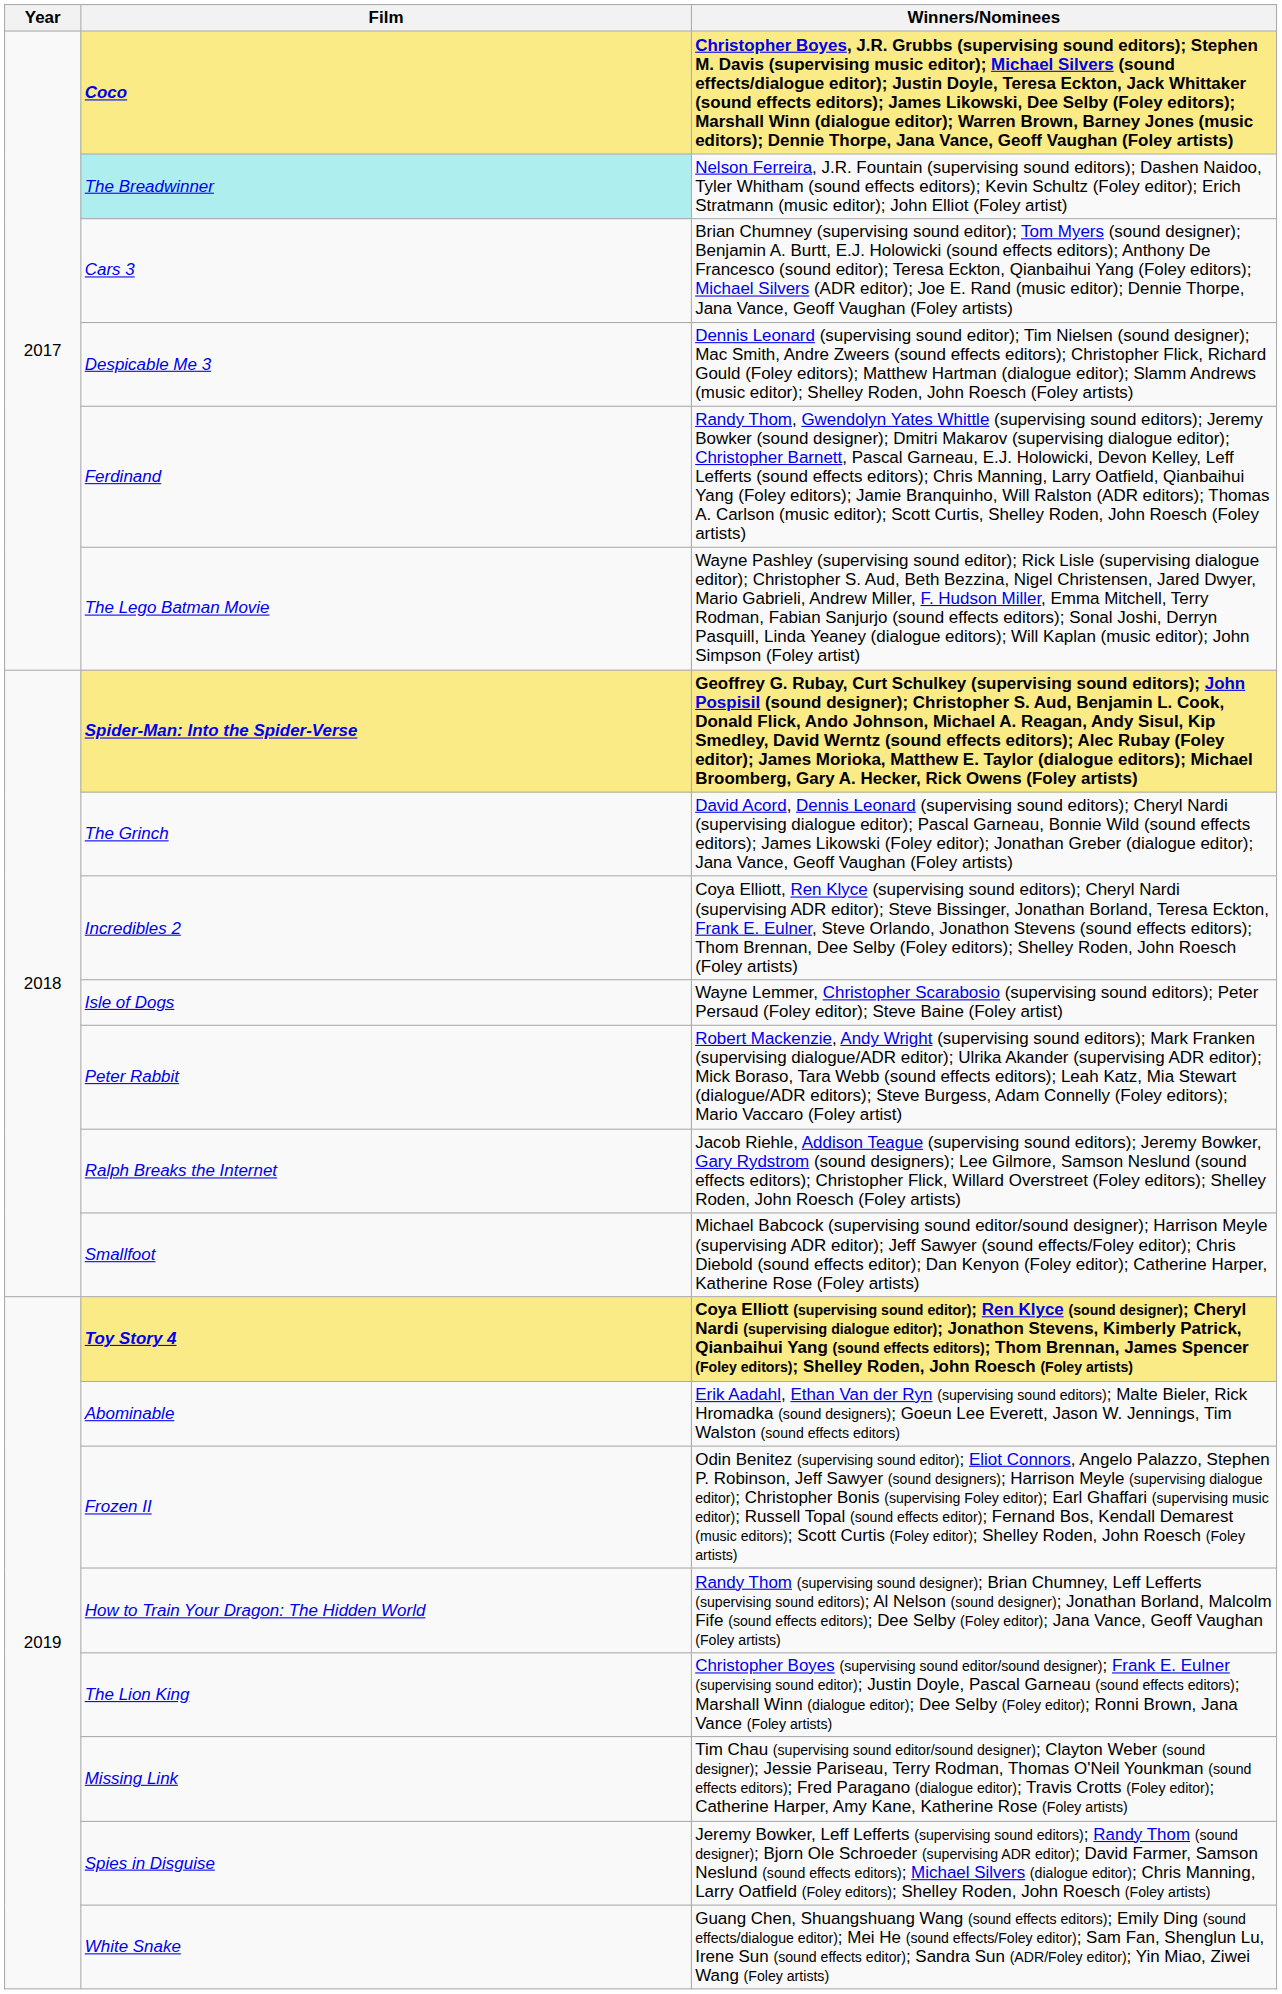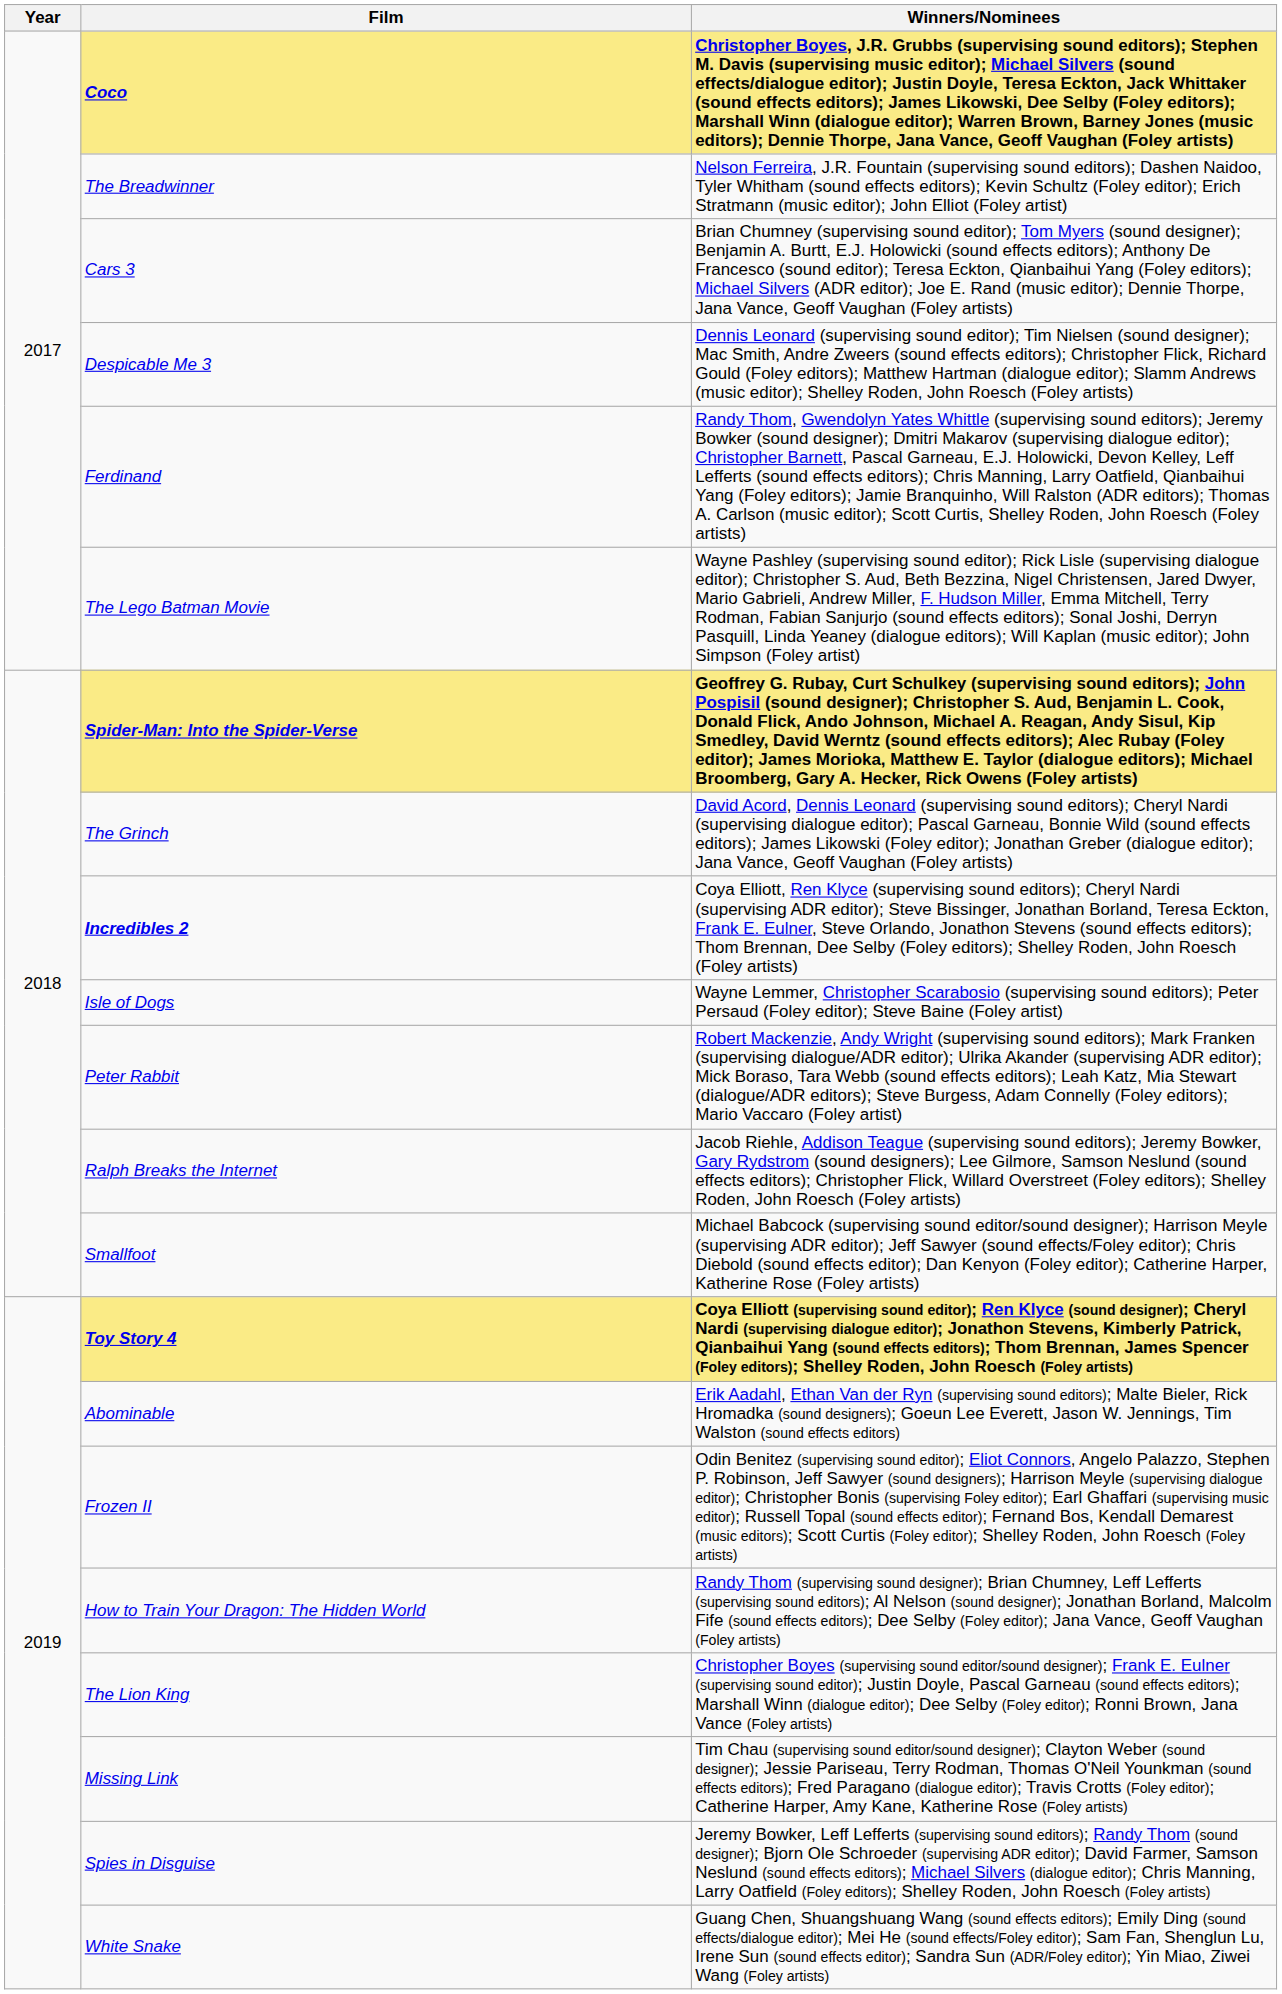 <table class="wikitable" width="95%" cellpadding="5">
 <tr>
 <th width="6%">Year</th>
 <th width="48%">Film</th>
 <th width="48%">Winners/Nominees</th>
 </tr>
 <tr>
 <td rowspan=6 style="text-align:center">2017<br></td>
 <td style="background:#FAEB86;"><strong><em><a href='#'>Coco</a></em></strong></td>
 <td style="background:#FAEB86;"><strong><a href='#'>Christopher Boyes</a>, J.R. Grubbs (supervising sound editors); Stephen M. Davis (supervising music editor); <a href='#'>Michael Silvers</a> (sound effects/dialogue editor); Justin Doyle, Teresa Eckton, Jack Whittaker (sound effects editors); James Likowski, Dee Selby (Foley editors); Marshall Winn (dialogue editor); Warren Brown, Barney Jones (music editors); Dennie Thorpe, Jana Vance, Geoff Vaughan (Foley artists)</strong></td>
 </tr>
 <tr>
-<td style="background: paleturquoise;"><em><a href='#'>The Breadwinner</a></em></td>
+<td><em><a href='#'>The Breadwinner</a></em></td>
 <td><a href='#'>Nelson Ferreira</a>, J.R. Fountain (supervising sound editors); Dashen Naidoo, Tyler Whitham (sound effects editors); Kevin Schultz (Foley editor); Erich Stratmann (music editor); John Elliot (Foley artist)</td>
 </tr>
 <tr>
 <td><em><a href='#'>Cars 3</a></em></td>
 <td>Brian Chumney (supervising sound editor); <a href='#'>Tom Myers</a> (sound designer); Benjamin A. Burtt, E.J. Holowicki (sound effects editors); Anthony De Francesco (sound editor); Teresa Eckton, Qianbaihui Yang (Foley editors); <a href='#'>Michael Silvers</a> (ADR editor); Joe E. Rand (music editor); Dennie Thorpe, Jana Vance, Geoff Vaughan (Foley artists)</td>
 </tr>
 <tr>
 <td><em><a href='#'>Despicable Me 3</a></em></td>
 <td><a href='#'>Dennis Leonard</a> (supervising sound editor); Tim Nielsen (sound designer); Mac Smith, Andre Zweers (sound effects editors); Christopher Flick, Richard Gould (Foley editors); Matthew Hartman (dialogue editor); Slamm Andrews (music editor); Shelley Roden, John Roesch (Foley artists)</td>
 </tr>
 <tr>
 <td><em><a href='#'>Ferdinand</a></em></td>
 <td><a href='#'>Randy Thom</a>, <a href='#'>Gwendolyn Yates Whittle</a> (supervising sound editors); Jeremy Bowker (sound designer); Dmitri Makarov (supervising dialogue editor); <a href='#'>Christopher Barnett</a>, Pascal Garneau, E.J. Holowicki, Devon Kelley, Leff Lefferts (sound effects editors); Chris Manning, Larry Oatfield, Qianbaihui Yang (Foley editors); Jamie Branquinho, Will Ralston (ADR editors); Thomas A. Carlson (music editor); Scott Curtis, Shelley Roden, John Roesch (Foley artists)</td>
 </tr>
 <tr>
 <td><em><a href='#'>The Lego Batman Movie</a></em></td>
 <td>Wayne Pashley (supervising sound editor); Rick Lisle (supervising dialogue editor); Christopher S. Aud, Beth Bezzina, Nigel Christensen, Jared Dwyer, Mario Gabrieli, Andrew Miller, <a href='#'>F. Hudson Miller</a>, Emma Mitchell, Terry Rodman, Fabian Sanjurjo (sound effects editors); Sonal Joshi, Derryn Pasquill, Linda Yeaney (dialogue editors); Will Kaplan (music editor); John Simpson (Foley artist)</td>
 </tr>
 <tr>
 <td rowspan=7 style="text-align:center">2018<br></td>
 <td style="background:#FAEB86;"><strong><em><a href='#'>Spider-Man: Into the Spider-Verse</a></em></strong></td>
 <td style="background:#FAEB86;"><strong>Geoffrey G. Rubay, Curt Schulkey (supervising sound editors); <a href='#'>John Pospisil</a> (sound designer); Christopher S. Aud, Benjamin L. Cook, Donald Flick, Ando Johnson, Michael A. Reagan, Andy Sisul, Kip Smedley, David Werntz (sound effects editors); Alec Rubay (Foley editor); James Morioka, Matthew E. Taylor (dialogue editors); Michael Broomberg, Gary A. Hecker, Rick Owens (Foley artists)</strong></td>
 </tr>
 <tr>
 <td><em><a href='#'>The Grinch</a></em></td>
 <td><a href='#'>David Acord</a>, <a href='#'>Dennis Leonard</a> (supervising sound editors); Cheryl Nardi (supervising dialogue editor); Pascal Garneau, Bonnie Wild (sound effects editors); James Likowski (Foley editor); Jonathan Greber (dialogue editor); Jana Vance, Geoff Vaughan (Foley artists)</td>
 </tr>
 <tr>
-<td><em><a href='#'>Incredibles 2</a></em></td>
+<td><strong><em><a href='#'>Incredibles 2</a></em></strong></td>
 <td>Coya Elliott, <a href='#'>Ren Klyce</a> (supervising sound editors); Cheryl Nardi (supervising ADR editor); Steve Bissinger, Jonathan Borland, Teresa Eckton, <a href='#'>Frank E. Eulner</a>, Steve Orlando, Jonathon Stevens (sound effects editors); Thom Brennan, Dee Selby (Foley editors); Shelley Roden, John Roesch (Foley artists)</td>
 </tr>
 <tr>
 <td><em><a href='#'>Isle of Dogs</a></em></td>
 <td>Wayne Lemmer, <a href='#'>Christopher Scarabosio</a> (supervising sound editors); Peter Persaud (Foley editor); Steve Baine (Foley artist)</td>
 </tr>
 <tr>
 <td><em><a href='#'>Peter Rabbit</a></em></td>
 <td><a href='#'>Robert Mackenzie</a>, <a href='#'>Andy Wright</a> (supervising sound editors); Mark Franken (supervising dialogue/ADR editor); Ulrika Akander (supervising ADR editor); Mick Boraso, Tara Webb (sound effects editors); Leah Katz, Mia Stewart (dialogue/ADR editors); Steve Burgess, Adam Connelly (Foley editors); Mario Vaccaro (Foley artist)</td>
 </tr>
 <tr>
 <td><em><a href='#'>Ralph Breaks the Internet</a></em></td>
 <td>Jacob Riehle, <a href='#'>Addison Teague</a> (supervising sound editors); Jeremy Bowker, <a href='#'>Gary Rydstrom</a> (sound designers); Lee Gilmore, Samson Neslund (sound effects editors); Christopher Flick, Willard Overstreet (Foley editors); Shelley Roden, John Roesch (Foley artists)</td>
 </tr>
 <tr>
 <td><em><a href='#'>Smallfoot</a></em></td>
 <td>Michael Babcock (supervising sound editor/sound designer); Harrison Meyle (supervising ADR editor); Jeff Sawyer (sound effects/Foley editor); Chris Diebold (sound effects editor); Dan Kenyon (Foley editor); Catherine Harper, Katherine Rose (Foley artists)</td>
 </tr>
 <tr>
 <td rowspan=8 style="text-align:center">2019<br></td>
 <td style="background:#FAEB86;"><strong><em><a href='#'>Toy Story 4</a></em></strong></td>
 <td style="background:#FAEB86;"><strong>Coya Elliott <small>(supervising sound editor)</small>; <a href='#'>Ren Klyce</a> <small>(sound designer)</small>; Cheryl Nardi <small>(supervising dialogue editor)</small>; Jonathon Stevens, Kimberly Patrick, Qianbaihui Yang <small>(sound effects editors)</small>; Thom Brennan, James Spencer <small>(Foley editors)</small>; Shelley Roden, John Roesch <small>(Foley artists)</small></strong></td>
 </tr>
 <tr>
 <td><em><a href='#'>Abominable</a></em></td>
 <td><a href='#'>Erik Aadahl</a>, <a href='#'>Ethan Van der Ryn</a> <small>(supervising sound editors)</small>; Malte Bieler, Rick Hromadka <small>(sound designers)</small>; Goeun Lee Everett, Jason W. Jennings, Tim Walston <small>(sound effects editors)</small></td>
 </tr>
 <tr>
 <td><em><a href='#'>Frozen II</a></em></td>
 <td>Odin Benitez <small>(supervising sound editor)</small>; <a href='#'>Eliot Connors</a>, Angelo Palazzo, Stephen P. Robinson, Jeff Sawyer <small>(sound designers)</small>; Harrison Meyle <small>(supervising dialogue editor)</small>; Christopher Bonis <small>(supervising Foley editor)</small>; Earl Ghaffari <small>(supervising music editor)</small>; Russell Topal <small>(sound effects editor)</small>; Fernand Bos, Kendall Demarest <small>(music editors)</small>; Scott Curtis <small>(Foley editor)</small>; Shelley Roden, John Roesch <small>(Foley artists)</small></td>
 </tr>
 <tr>
 <td><em><a href='#'>How to Train Your Dragon: The Hidden World</a></em></td>
 <td><a href='#'>Randy Thom</a> <small>(supervising sound designer)</small>; Brian Chumney, Leff Lefferts <small>(supervising sound editors)</small>; Al Nelson <small>(sound designer)</small>; Jonathan Borland, Malcolm Fife <small>(sound effects editors)</small>; Dee Selby <small>(Foley editor)</small>; Jana Vance, Geoff Vaughan <small>(Foley artists)</small></td>
 </tr>
 <tr>
 <td><em><a href='#'>The Lion King</a></em></td>
 <td><a href='#'>Christopher Boyes</a> <small>(supervising sound editor/sound designer)</small>; <a href='#'>Frank E. Eulner</a> <small>(supervising sound editor)</small>; Justin Doyle, Pascal Garneau <small>(sound effects editors)</small>; Marshall Winn <small>(dialogue editor)</small>; Dee Selby <small>(Foley editor)</small>; Ronni Brown, Jana Vance <small>(Foley artists)</small></td>
 </tr>
 <tr>
 <td><em><a href='#'>Missing Link</a></em></td>
 <td>Tim Chau <small>(supervising sound editor/sound designer)</small>; Clayton Weber <small>(sound designer)</small>; Jessie Pariseau, Terry Rodman, Thomas O'Neil Younkman <small>(sound effects editors)</small>; Fred Paragano <small>(dialogue editor)</small>; Travis Crotts <small>(Foley editor)</small>; Catherine Harper, Amy Kane, Katherine Rose <small>(Foley artists)</small></td>
 </tr>
 <tr>
 <td><em><a href='#'>Spies in Disguise</a></em></td>
 <td>Jeremy Bowker, Leff Lefferts <small>(supervising sound editors)</small>; <a href='#'>Randy Thom</a> <small>(sound designer)</small>; Bjorn Ole Schroeder <small>(supervising ADR editor)</small>; David Farmer, Samson Neslund <small>(sound effects editors)</small>; <a href='#'>Michael Silvers</a> <small>(dialogue editor)</small>; Chris Manning, Larry Oatfield <small>(Foley editors)</small>; Shelley Roden, John Roesch <small>(Foley artists)</small></td>
 </tr>
 <tr>
 <td><em><a href='#'>White Snake</a></em></td>
 <td>Guang Chen, Shuangshuang Wang <small>(sound effects editors)</small>; Emily Ding <small>(sound effects/dialogue editor)</small>; Mei He <small>(sound effects/Foley editor)</small>; Sam Fan, Shenglun Lu, Irene Sun <small>(sound effects editor)</small>; Sandra Sun <small>(ADR/Foley editor)</small>; Yin Miao, Ziwei Wang <small>(Foley artists)</small></td>
 </tr>
 </table>
